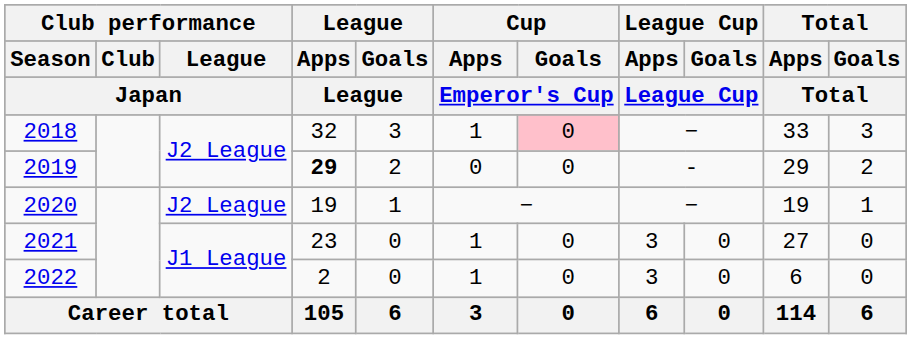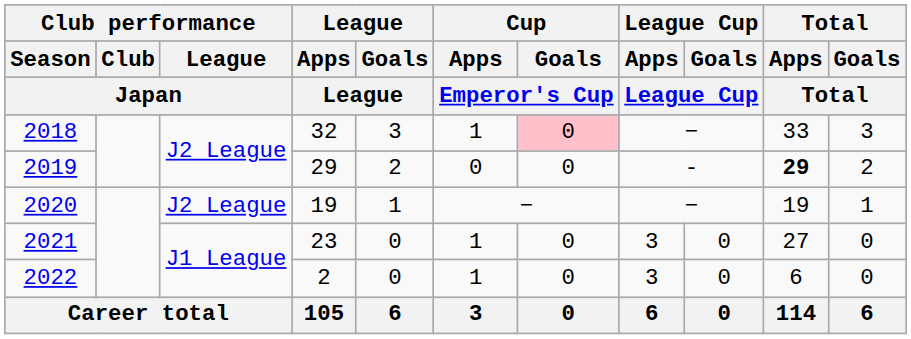 <table class="wikitable" style="text-align:center">
 <tr>
 <th colspan=3>Club performance</th>
 <th colspan=2>League</th>
 <th colspan=2>Cup</th>
 <th colspan=2>League Cup</th>
 <th colspan=2>Total</th>
 </tr>
 <tr>
 <th>Season</th>
 <th>Club</th>
 <th>League</th>
 <th>Apps</th>
 <th>Goals</th>
 <th>Apps</th>
 <th>Goals</th>
 <th>Apps</th>
 <th>Goals</th>
 <th>Apps</th>
 <th>Goals</th>
 </tr>
 <tr>
 <th colspan=3>Japan</th>
 <th colspan=2>League</th>
 <th colspan=2><a href='#'>Emperor's Cup</a></th>
 <th colspan=2><a href='#'>League Cup</a></th>
 <th colspan=2>Total</th>
 </tr>
 <tr>
 <td><a href='#'>2018</a></td>
 <td rowspan="2"></td>
 <td rowspan="2"><a href='#'>J2 League</a></td>
 <td>32</td>
 <td>3</td>
 <td>1</td>
 <td style="background: pink;">0</td>
 <td colspan=2>−</td>
 <td>33</td>
 <td>3</td>
 </tr>
 <tr>
 <td><a href='#'>2019</a></td>
-<td><strong>29</strong></td>
+<td>29</td>
 <td>2</td>
 <td>0</td>
 <td>0</td>
 <td colspan=2>-</td>
-<td>29</td>
+<td><strong>29</strong></td>
 <td>2</td>
 </tr>
 <tr>
 <td><a href='#'>2020</a></td>
 <td rowspan="3"></td>
 <td><a href='#'>J2 League</a></td>
 <td>19</td>
 <td>1</td>
 <td colspan=2>−</td>
 <td colspan=2>−</td>
 <td>19</td>
 <td>1</td>
 </tr>
 <tr>
 <td><a href='#'>2021</a></td>
 <td rowspan="2"><a href='#'>J1 League</a></td>
 <td>23</td>
 <td>0</td>
 <td>1</td>
 <td>0</td>
 <td>3</td>
 <td>0</td>
 <td>27</td>
 <td>0</td>
 </tr>
 <tr>
 <td><a href='#'>2022</a></td>
 <td>2</td>
 <td>0</td>
 <td>1</td>
 <td>0</td>
 <td>3</td>
 <td>0</td>
 <td>6</td>
 <td>0</td>
 </tr>
 <tr>
 <th colspan=3>Career total</th>
 <th>105</th>
 <th>6</th>
 <th>3</th>
 <th>0</th>
 <th>6</th>
 <th>0</th>
 <th>114</th>
 <th>6</th>
 </tr>
 </table>
